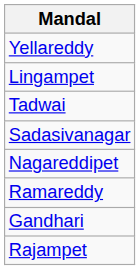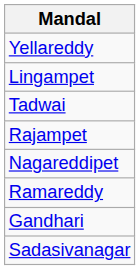 <table class="wikitable sortable static-row-numbers static-row-header-hash">
 <tr>
 <th>Mandal</th>
 </tr>
 <tr>
 <td><a href='#'>Yellareddy</a></td>
 </tr>
 <tr>
 <td><a href='#'>Lingampet</a></td>
 </tr>
 <tr>
 <td><a href='#'>Tadwai</a></td>
 </tr>
 <tr>
-<td><a href='#'>Sadasivanagar</a></td>
+<td><a href='#'>Rajampet</a></td>
 </tr>
 <tr>
 <td><a href='#'>Nagareddipet</a></td>
 </tr>
 <tr>
 <td><a href='#'>Ramareddy</a></td>
 </tr>
 <tr>
 <td><a href='#'>Gandhari</a></td>
 </tr>
 <tr>
-<td><a href='#'>Rajampet</a></td>
+<td><a href='#'>Sadasivanagar</a></td>
 </tr>
 </table>
